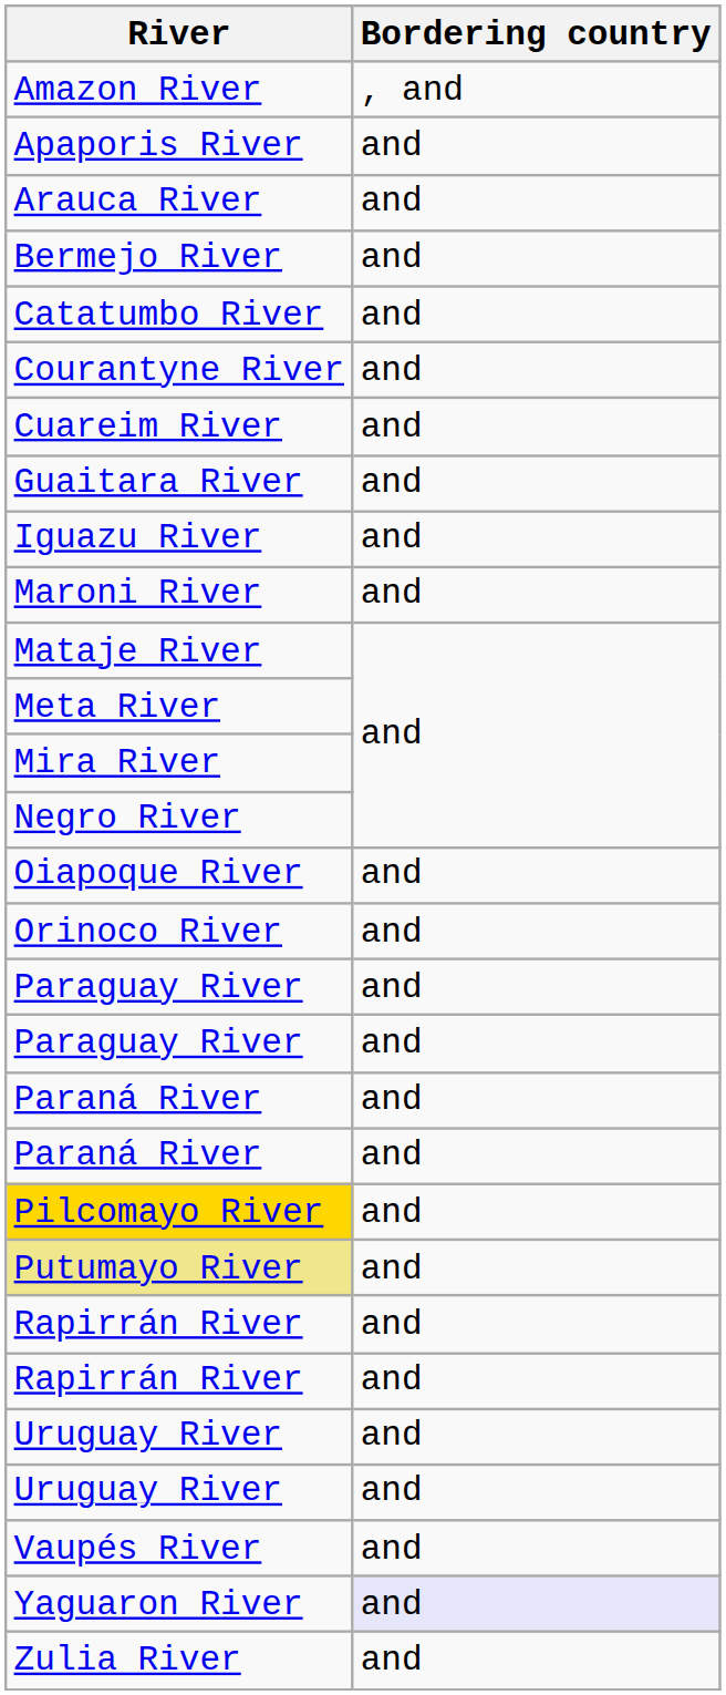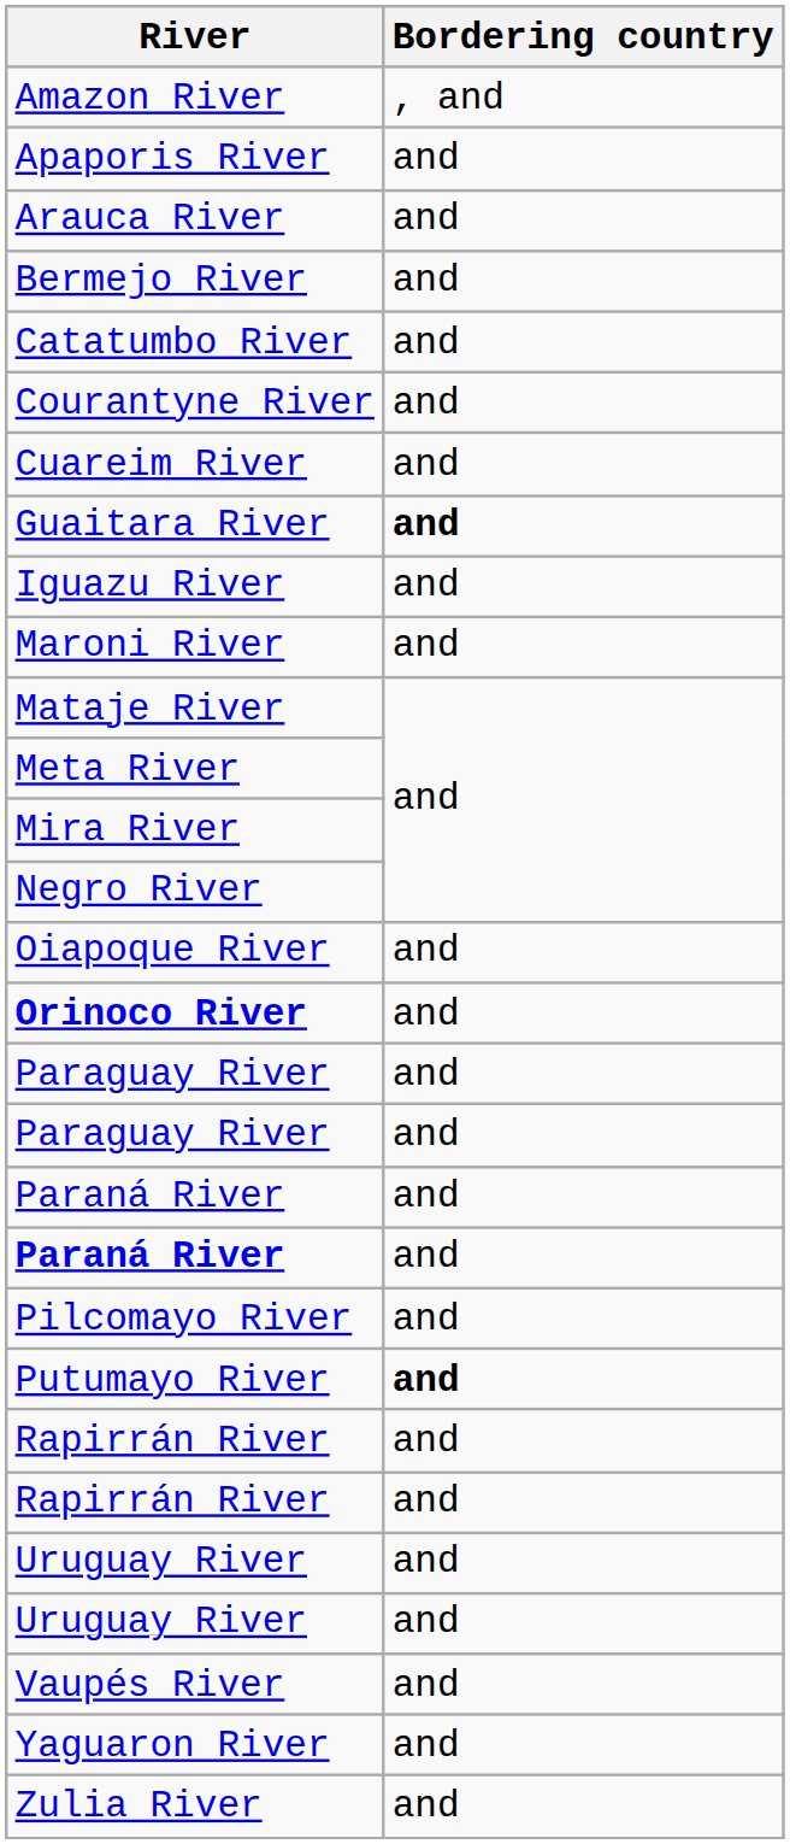 <table class="wikitable sortable">
 <tr>
 <th>River</th>
 <th>Bordering country</th>
 </tr>
 <tr>
 <td><a href='#'>Amazon River</a></td>
 <td>,  and </td>
 </tr>
 <tr>
 <td><a href='#'>Apaporis River</a></td>
 <td> and </td>
 </tr>
 <tr>
 <td><a href='#'>Arauca River</a></td>
 <td> and </td>
 </tr>
 <tr>
 <td><a href='#'>Bermejo River</a></td>
 <td> and </td>
 </tr>
 <tr>
 <td><a href='#'>Catatumbo River</a></td>
 <td> and </td>
 </tr>
 <tr>
 <td><a href='#'>Courantyne River</a></td>
 <td> and </td>
 </tr>
 <tr>
 <td><a href='#'>Cuareim River</a></td>
 <td> and </td>
 </tr>
 <tr>
 <td><a href='#'>Guaitara River</a></td>
-<td> and </td>
+<td><strong> and </strong></td>
 </tr>
 <tr>
 <td><a href='#'>Iguazu River</a></td>
 <td> and </td>
 </tr>
 <tr>
 <td><a href='#'>Maroni River</a></td>
 <td> and </td>
 </tr>
 <tr>
 <td><a href='#'>Mataje River</a></td>
 <td rowspan="4"> and </td>
 </tr>
 <tr>
 <td><a href='#'>Meta River</a></td>
 </tr>
 <tr>
 <td><a href='#'>Mira River</a></td>
 </tr>
 <tr>
 <td><a href='#'>Negro River</a></td>
 </tr>
 <tr>
 <td><a href='#'>Oiapoque River</a></td>
 <td> and </td>
 </tr>
 <tr>
-<td><a href='#'>Orinoco River</a></td>
+<td><strong><a href='#'>Orinoco River</a></strong></td>
 <td> and </td>
 </tr>
 <tr>
 <td><a href='#'>Paraguay River</a></td>
 <td> and </td>
 </tr>
 <tr>
 <td><a href='#'>Paraguay River</a></td>
 <td> and </td>
 </tr>
 <tr>
 <td><a href='#'>Paraná River</a></td>
 <td> and </td>
 </tr>
 <tr>
-<td><a href='#'>Paraná River</a></td>
+<td><strong><a href='#'>Paraná River</a></strong></td>
 <td> and </td>
 </tr>
 <tr>
-<td style="background: gold;"><a href='#'>Pilcomayo River</a></td>
+<td><a href='#'>Pilcomayo River</a></td>
 <td> and </td>
 </tr>
 <tr>
-<td style="background: khaki;"><a href='#'>Putumayo River</a></td>
-<td> and </td>
+<td><a href='#'>Putumayo River</a></td>
+<td><strong> and </strong></td>
 </tr>
 <tr>
 <td><a href='#'>Rapirrán River</a></td>
 <td> and </td>
 </tr>
 <tr>
 <td><a href='#'>Rapirrán River</a></td>
 <td> and </td>
 </tr>
 <tr>
 <td><a href='#'>Uruguay River</a></td>
 <td> and </td>
 </tr>
 <tr>
 <td><a href='#'>Uruguay River</a></td>
 <td> and </td>
 </tr>
 <tr>
 <td><a href='#'>Vaupés River</a></td>
 <td> and </td>
 </tr>
 <tr>
 <td><a href='#'>Yaguaron River</a></td>
-<td style="background: lavender;"> and </td>
+<td> and </td>
 </tr>
 <tr>
 <td><a href='#'>Zulia River</a></td>
 <td> and </td>
 </tr>
 </table>
